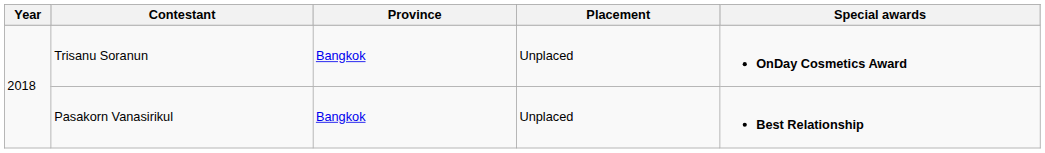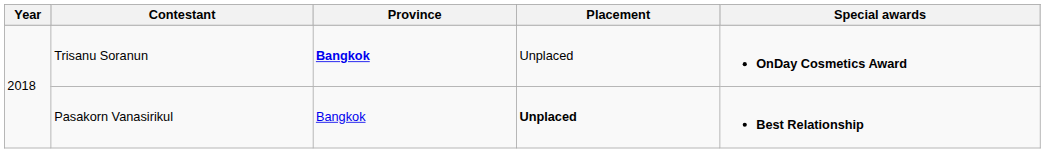 <table class="wikitable" style="font-size: 96%;">
 <tr bgcolor="#787878" align="center" colspan="10">
 <th width="3%">Year</th>
 <th width="18%">Contestant</th>
 <th width="14%">Province</th>
 <th width="14%">Placement</th>
 <th width="22%">Special awards</th>
 </tr>
 <tr>
 <td rowspan="2"> 2018</td>
 <td>Trisanu Soranun</td>
-<td><a href='#'>Bangkok</a></td>
+<td><strong><a href='#'>Bangkok</a></strong></td>
 <td>Unplaced</td>
 <td><br><ul><li><strong>OnDay Cosmetics Award</strong></li></ul></td>
 </tr>
 <tr>
 <td>Pasakorn Vanasirikul</td>
 <td><a href='#'>Bangkok</a></td>
-<td>Unplaced</td>
+<td><strong>Unplaced</strong></td>
 <td><br><ul><li><strong>Best Relationship</strong></li></ul></td>
 </tr>
 </table>
